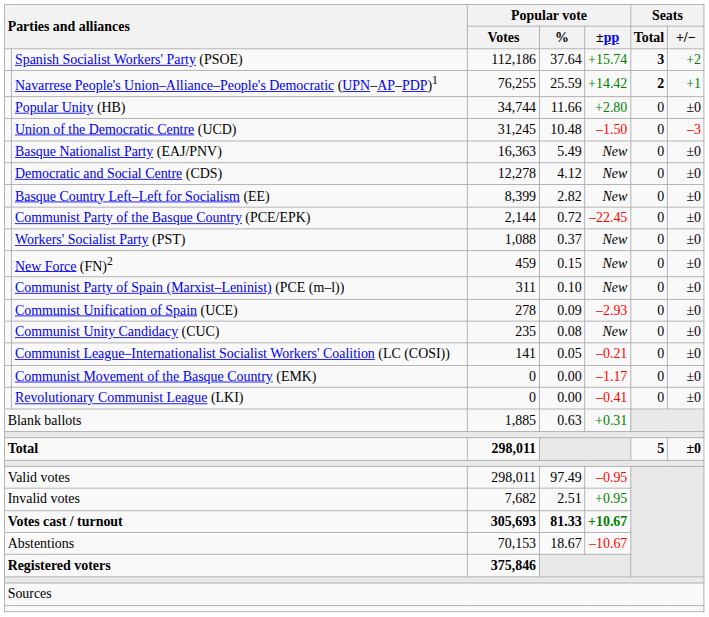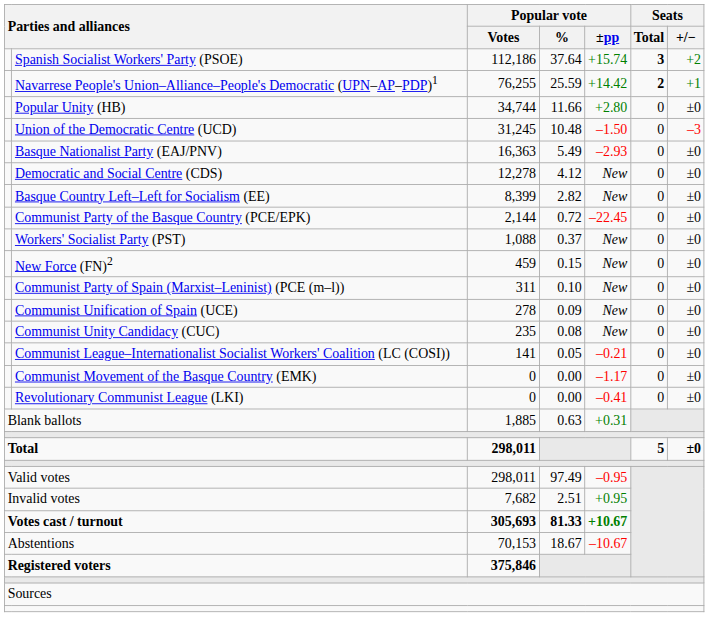 <table class="wikitable" style="text-align:right;">
 <tr>
 <th style="text-align:left;" rowspan="2" colspan="2" width="525">Parties and alliances</th>
 <th colspan="3">Popular vote</th>
 <th colspan="2">Seats</th>
 </tr>
 <tr>
 <th width="75">Votes</th>
 <th width="45">%</th>
 <th width="45">±<a href='#'>pp</a></th>
 <th width="35">Total</th>
 <th width="35">+/−</th>
 </tr>
 <tr>
 <td width="1" style="color:inherit;background:"></td>
 <td align="left"><a href='#'>Spanish Socialist Workers' Party</a> (PSOE)</td>
 <td>112,186</td>
 <td>37.64</td>
 <td style="color:green;">+15.74</td>
 <td><strong>3</strong></td>
 <td style="color:green;">+2</td>
 </tr>
 <tr>
 <td style="color:inherit;background:"></td>
 <td align="left"><a href='#'>Navarrese People's Union–Alliance–People's Democratic</a> (<a href='#'>UPN</a>–<a href='#'>AP</a>–<a href='#'>PDP</a>)<sup>1</sup></td>
 <td>76,255</td>
 <td>25.59</td>
 <td style="color:green;">+14.42</td>
 <td><strong>2</strong></td>
 <td style="color:green;">+1</td>
 </tr>
 <tr>
 <td style="color:inherit;background:"></td>
 <td align="left"><a href='#'>Popular Unity</a> (HB)</td>
 <td>34,744</td>
 <td>11.66</td>
 <td style="color:green;">+2.80</td>
 <td>0</td>
 <td>±0</td>
 </tr>
 <tr>
 <td style="color:inherit;background:"></td>
 <td align="left"><a href='#'>Union of the Democratic Centre</a> (UCD)</td>
 <td>31,245</td>
 <td>10.48</td>
 <td style="color:red;">–1.50</td>
 <td>0</td>
 <td style="color:red;">–3</td>
 </tr>
 <tr>
 <td style="color:inherit;background:"></td>
 <td align="left"><a href='#'>Basque Nationalist Party</a> (EAJ/PNV)</td>
 <td>16,363</td>
 <td>5.49</td>
-<td><em>New</em></td>
+<td style="color:red;">–2.93</td>
 <td>0</td>
 <td>±0</td>
 </tr>
 <tr>
 <td style="color:inherit;background:"></td>
 <td align="left"><a href='#'>Democratic and Social Centre</a> (CDS)</td>
 <td>12,278</td>
 <td>4.12</td>
 <td><em>New</em></td>
 <td>0</td>
 <td>±0</td>
 </tr>
 <tr>
 <td style="color:inherit;background:"></td>
 <td align="left"><a href='#'>Basque Country Left–Left for Socialism</a> (EE)</td>
 <td>8,399</td>
 <td>2.82</td>
 <td><em>New</em></td>
 <td>0</td>
 <td>±0</td>
 </tr>
 <tr>
 <td style="color:inherit;background:"></td>
 <td align="left"><a href='#'>Communist Party of the Basque Country</a> (PCE/EPK)</td>
 <td>2,144</td>
 <td>0.72</td>
 <td style="color:red;">–22.45</td>
 <td>0</td>
 <td>±0</td>
 </tr>
 <tr>
 <td style="color:inherit;background:"></td>
 <td align="left"><a href='#'>Workers' Socialist Party</a> (PST)</td>
 <td>1,088</td>
 <td>0.37</td>
 <td><em>New</em></td>
 <td>0</td>
 <td>±0</td>
 </tr>
 <tr>
 <td style="color:inherit;background:"></td>
 <td align="left"><a href='#'>New Force</a> (FN)<sup>2</sup></td>
 <td>459</td>
 <td>0.15</td>
 <td><em>New</em></td>
 <td>0</td>
 <td>±0</td>
 </tr>
 <tr>
 <td style="color:inherit;background:"></td>
 <td align="left"><a href='#'>Communist Party of Spain (Marxist–Leninist)</a> (PCE (m–l))</td>
 <td>311</td>
 <td>0.10</td>
 <td><em>New</em></td>
 <td>0</td>
 <td>±0</td>
 </tr>
 <tr>
 <td style="color:inherit;background:"></td>
 <td align="left"><a href='#'>Communist Unification of Spain</a> (UCE)</td>
 <td>278</td>
 <td>0.09</td>
-<td style="color:red;">–2.93</td>
+<td><em>New</em></td>
 <td>0</td>
 <td>±0</td>
 </tr>
 <tr>
 <td style="color:inherit;background:"></td>
 <td align="left"><a href='#'>Communist Unity Candidacy</a> (CUC)</td>
 <td>235</td>
 <td>0.08</td>
 <td><em>New</em></td>
 <td>0</td>
 <td>±0</td>
 </tr>
 <tr>
 <td style="color:inherit;background:"></td>
 <td align="left"><a href='#'>Communist League–Internationalist Socialist Workers' Coalition</a> (LC (COSI))</td>
 <td>141</td>
 <td>0.05</td>
 <td style="color:red;">–0.21</td>
 <td>0</td>
 <td>±0</td>
 </tr>
 <tr>
 <td style="color:inherit;background:"></td>
 <td align="left"><a href='#'>Communist Movement of the Basque Country</a> (EMK)</td>
 <td>0</td>
 <td>0.00</td>
 <td style="color:red;">–1.17</td>
 <td>0</td>
 <td>±0</td>
 </tr>
 <tr>
 <td style="color:inherit;background:"></td>
 <td align="left"><a href='#'>Revolutionary Communist League</a> (LKI)</td>
 <td>0</td>
 <td>0.00</td>
 <td style="color:red;">–0.41</td>
 <td>0</td>
 <td>±0</td>
 </tr>
 <tr>
 <td align="left" colspan="2">Blank ballots</td>
 <td>1,885</td>
 <td>0.63</td>
 <td style="color:green;">+0.31</td>
 <td bgcolor="#E9E9E9" colspan="2"></td>
 </tr>
 <tr>
 <td colspan="7" bgcolor="#E9E9E9"></td>
 </tr>
 <tr style="font-weight:bold;">
 <td align="left" colspan="2">Total</td>
 <td>298,011</td>
 <td bgcolor="#E9E9E9" colspan="2"></td>
 <td>5</td>
 <td>±0</td>
 </tr>
 <tr>
 <td colspan="7" bgcolor="#E9E9E9"></td>
 </tr>
 <tr>
 <td align="left" colspan="2">Valid votes</td>
 <td>298,011</td>
 <td>97.49</td>
 <td style="color:red;">–0.95</td>
 <td bgcolor="#E9E9E9" colspan="2" rowspan="5"></td>
 </tr>
 <tr>
 <td align="left" colspan="2">Invalid votes</td>
 <td>7,682</td>
 <td>2.51</td>
 <td style="color:green;">+0.95</td>
 </tr>
 <tr style="font-weight:bold;">
 <td align="left" colspan="2">Votes cast / turnout</td>
 <td>305,693</td>
 <td>81.33</td>
 <td style="color:green;">+10.67</td>
 </tr>
 <tr>
 <td align="left" colspan="2">Abstentions</td>
 <td>70,153</td>
 <td>18.67</td>
 <td style="color:red;">–10.67</td>
 </tr>
 <tr style="font-weight:bold;">
 <td align="left" colspan="2">Registered voters</td>
 <td>375,846</td>
 <td bgcolor="#E9E9E9" colspan="2"></td>
 </tr>
 <tr>
 <td colspan="7" bgcolor="#E9E9E9"></td>
 </tr>
 <tr>
 <td align="left" colspan="7">Sources</td>
 </tr>
 <tr>
 <td colspan="7" style="text-align:left; max-width:790px;"></td>
 </tr>
 </table>
